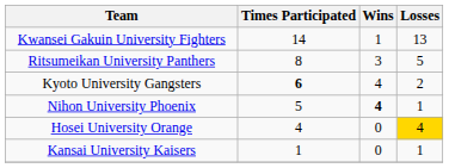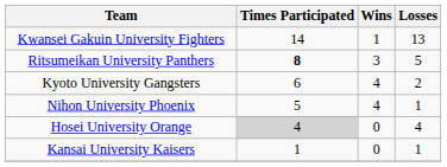 <table class="wikitable" style="text-align:center">
 <tr>
 <th>Team</th>
 <th>Times Participated</th>
 <th>Wins</th>
 <th>Losses</th>
 </tr>
 <tr>
 <td style="width:16em"><a href='#'>Kwansei Gakuin University Fighters</a></td>
 <td>14</td>
 <td>1</td>
 <td>13</td>
 </tr>
 <tr>
 <td><a href='#'>Ritsumeikan University Panthers</a></td>
-<td>8</td>
+<td><strong>8</strong></td>
 <td>3</td>
 <td>5</td>
 </tr>
 <tr>
 <td>Kyoto University Gangsters</td>
-<td><strong>6</strong></td>
+<td>6</td>
 <td>4</td>
 <td>2</td>
 </tr>
 <tr>
 <td><a href='#'>Nihon University Phoenix</a></td>
 <td>5</td>
-<td><strong>4</strong></td>
+<td>4</td>
 <td>1</td>
 </tr>
 <tr>
 <td><a href='#'> Hosei University Orange</a></td>
+<td style="background: lightgrey;">4</td>
+<td>0</td>
 <td>4</td>
-<td>0</td>
-<td style="background: gold;">4</td>
 </tr>
 <tr>
 <td><a href='#'>Kansai University Kaisers</a></td>
 <td>1</td>
 <td>0</td>
 <td>1</td>
 </tr>
 <tr>
 </tr>
 </table>
